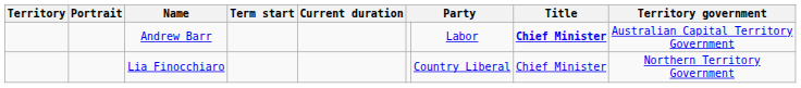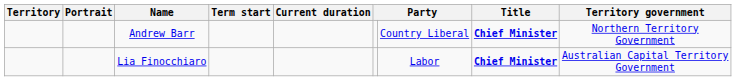 <table class="wikitable sortable" style="text-align:center;">
 <tr>
 <th>Territory</th>
 <th>Portrait</th>
 <th>Name</th>
 <th>Term start</th>
 <th>Current duration</th>
 <th colspan="2">Party</th>
 <th>Title</th>
 <th>Territory government</th>
 </tr>
 <tr>
 <td></td>
 <td></td>
 <td><a href='#'>Andrew Barr</a></td>
 <td></td>
 <td></td>
 <td style="background-color: "></td>
-<td><a href='#'>Labor</a></td>
+<td><a href='#'>Country Liberal</a></td>
 <td><strong><a href='#'>Chief Minister</a></strong></td>
-<td><a href='#'>Australian Capital Territory<br>Government</a></td>
+<td><a href='#'>Northern Territory<br>Government</a></td>
 </tr>
 <tr>
 <td></td>
 <td></td>
 <td><a href='#'>Lia Finocchiaro</a></td>
 <td></td>
 <td></td>
 <td style="background-color: "></td>
-<td><a href='#'>Country Liberal</a></td>
-<td><a href='#'>Chief Minister</a></td>
-<td><a href='#'>Northern Territory<br>Government</a></td>
+<td><a href='#'>Labor</a></td>
+<td><strong><a href='#'>Chief Minister</a></strong></td>
+<td><a href='#'>Australian Capital Territory<br>Government</a></td>
 </tr>
 </table>
